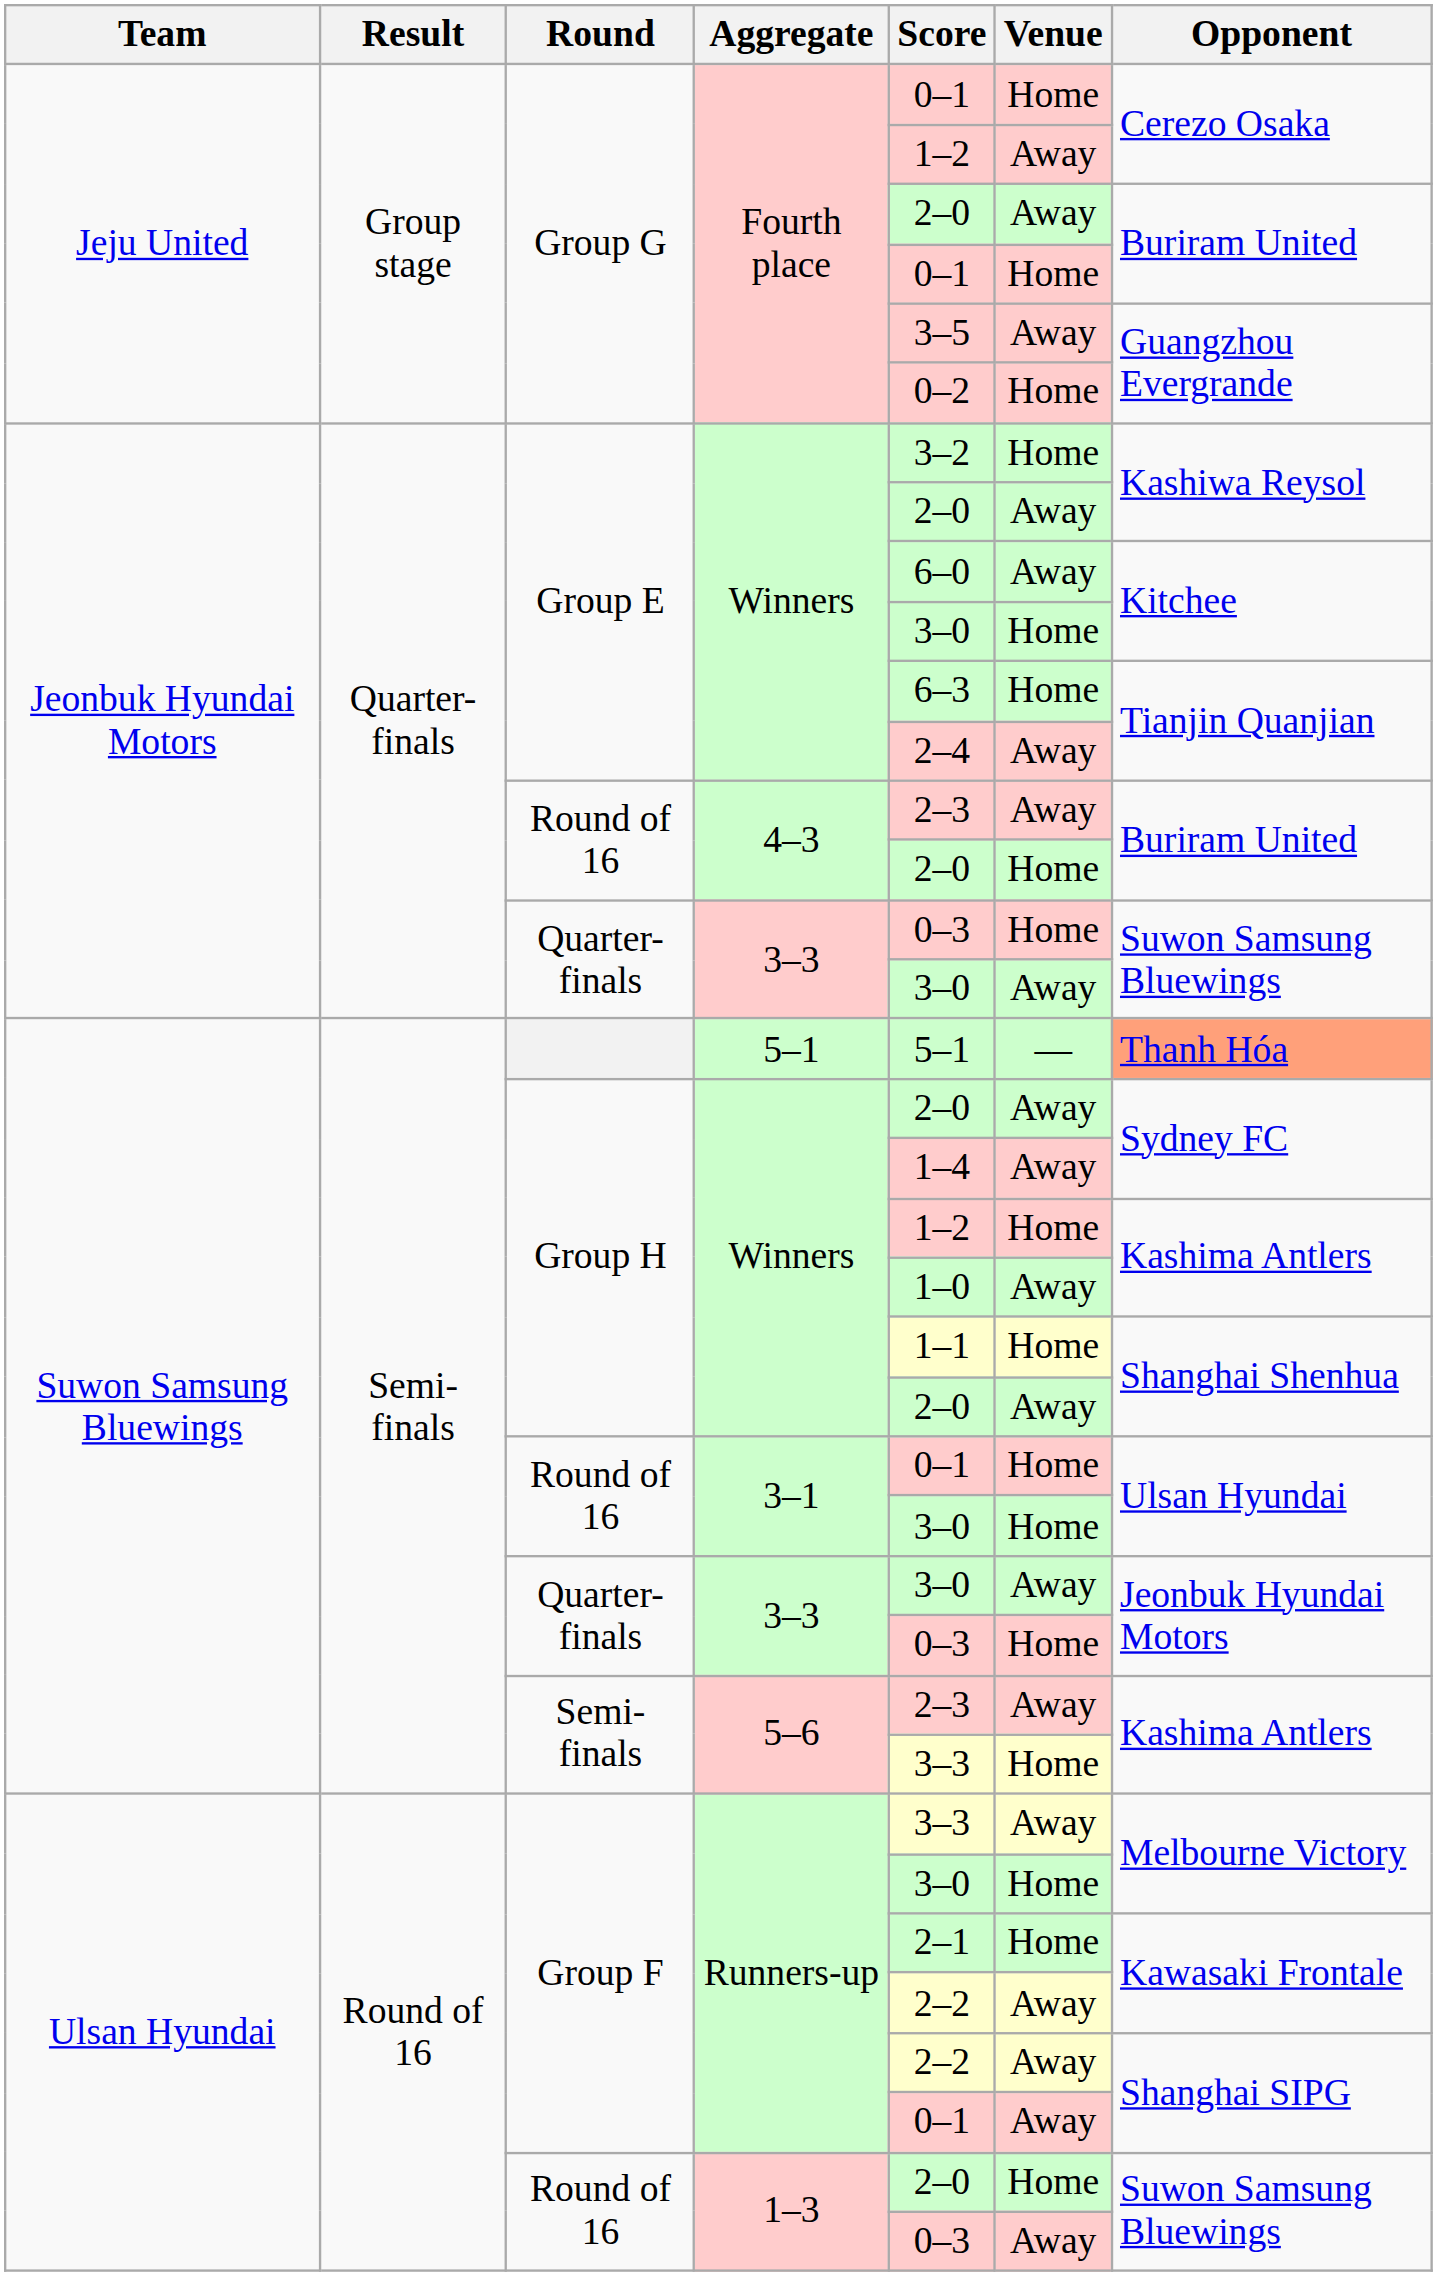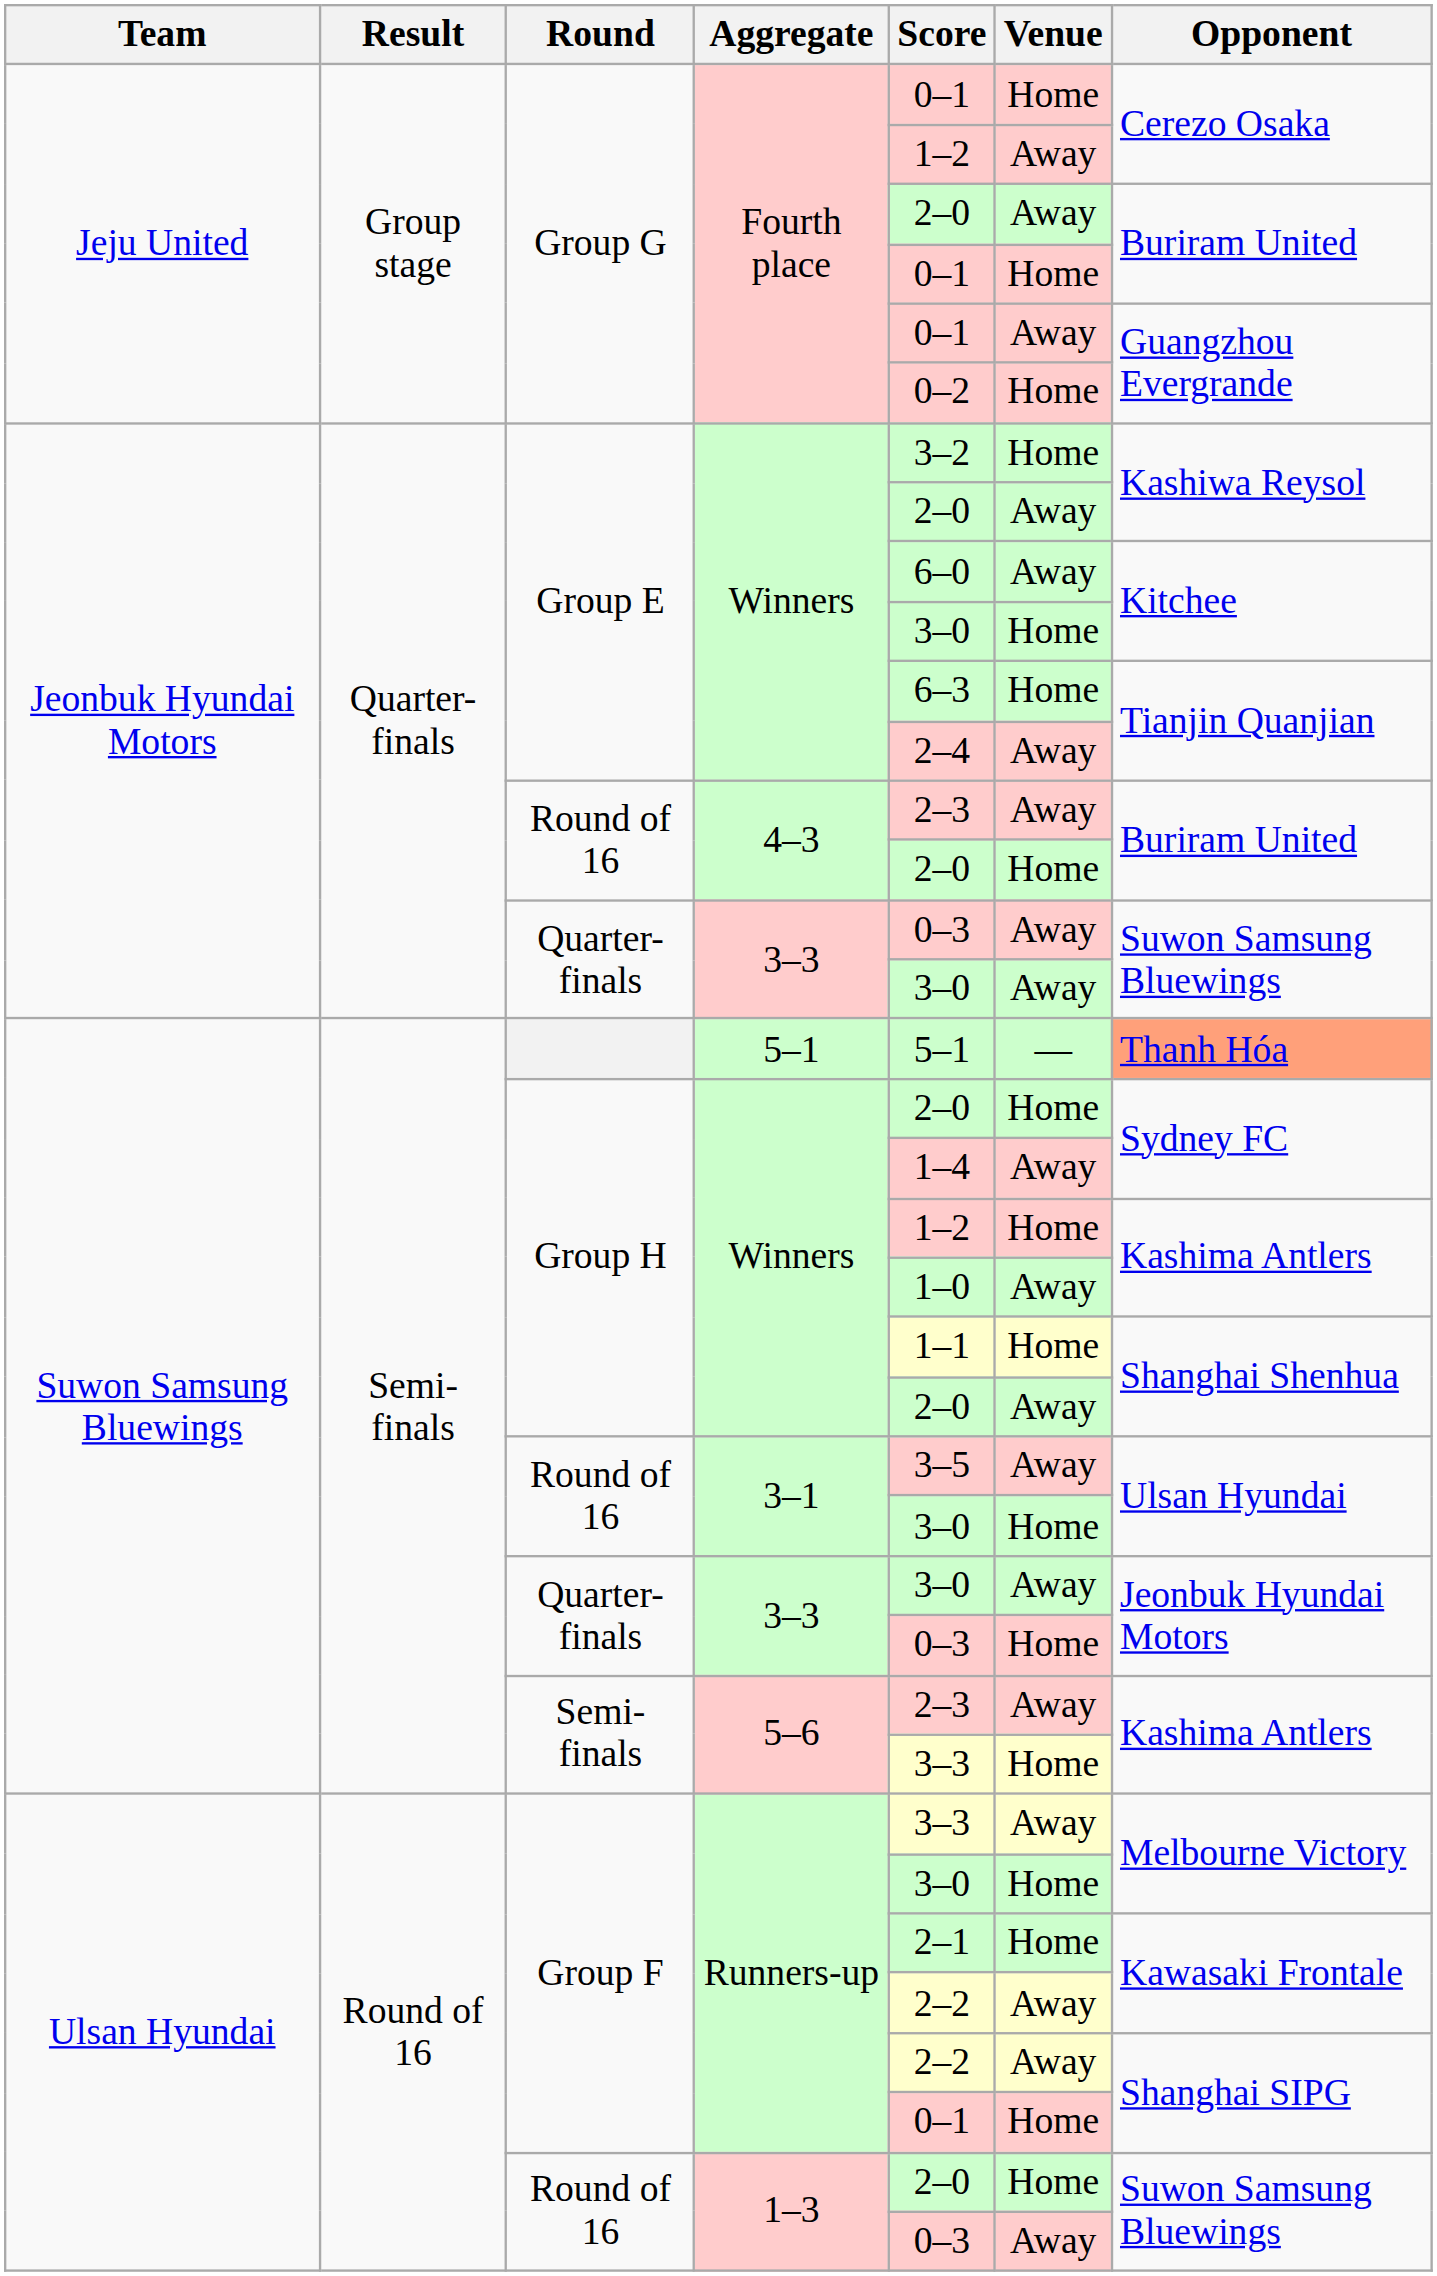 <table class="wikitable" style="text-align:center;">
 <tr>
 <th>Team</th>
 <th>Result</th>
 <th>Round</th>
 <th>Aggregate</th>
 <th>Score</th>
 <th>Venue</th>
 <th>Opponent</th>
 </tr>
 <tr>
 <td rowspan="6"><a href='#'>Jeju United</a></td>
 <td rowspan="6">Group stage</td>
 <td rowspan="6">Group G</td>
 <td rowspan="6" bgcolor="#fcc">Fourth place</td>
 <td bgcolor="#fcc">0–1</td>
 <td bgcolor="#fcc">Home</td>
 <td rowspan="2" align="left"> <a href='#'>Cerezo Osaka</a></td>
 </tr>
 <tr>
 <td bgcolor="#fcc">1–2</td>
 <td bgcolor="#fcc">Away</td>
 </tr>
 <tr>
 <td bgcolor="#cfc">2–0</td>
 <td bgcolor="#cfc">Away</td>
 <td rowspan="2" align="left"> <a href='#'>Buriram United</a></td>
 </tr>
 <tr>
 <td bgcolor="#fcc">0–1</td>
 <td bgcolor="#fcc">Home</td>
 </tr>
 <tr>
-<td bgcolor="#fcc">3–5</td>
+<td bgcolor="#fcc">0–1</td>
 <td bgcolor="#fcc">Away</td>
 <td rowspan="2" align="left"> <a href='#'>Guangzhou Evergrande</a></td>
 </tr>
 <tr>
 <td bgcolor="#fcc">0–2</td>
 <td bgcolor="#fcc">Home</td>
 </tr>
 <tr>
 <td rowspan="10"><a href='#'>Jeonbuk Hyundai Motors</a></td>
 <td rowspan="10">Quarter-finals</td>
 <td rowspan="6">Group E</td>
 <td rowspan="6" bgcolor="#cfc">Winners</td>
 <td bgcolor="#cfc">3–2</td>
 <td bgcolor="#cfc">Home</td>
 <td rowspan="2" align="left"> <a href='#'>Kashiwa Reysol</a></td>
 </tr>
 <tr>
 <td bgcolor="#cfc">2–0</td>
 <td bgcolor="#cfc">Away</td>
 </tr>
 <tr>
 <td bgcolor="#cfc">6–0</td>
 <td bgcolor="#cfc">Away</td>
 <td rowspan="2" align="left"> <a href='#'>Kitchee</a></td>
 </tr>
 <tr>
 <td bgcolor="#cfc">3–0</td>
 <td bgcolor="#cfc">Home</td>
 </tr>
 <tr>
 <td bgcolor="#cfc">6–3</td>
 <td bgcolor="#cfc">Home</td>
 <td rowspan="2" align="left"> <a href='#'>Tianjin Quanjian</a></td>
 </tr>
 <tr>
 <td bgcolor="#fcc">2–4</td>
 <td bgcolor="#fcc">Away</td>
 </tr>
 <tr>
 <td rowspan="2">Round of 16</td>
 <td rowspan="2" bgcolor="#cfc">4–3</td>
 <td bgcolor="#fcc">2–3</td>
 <td bgcolor="#fcc">Away</td>
 <td rowspan="2" align="left"> <a href='#'>Buriram United</a></td>
 </tr>
 <tr>
 <td bgcolor="#cfc">2–0</td>
 <td bgcolor="#cfc">Home</td>
 </tr>
 <tr>
 <td rowspan="2">Quarter-finals</td>
 <td rowspan="2" bgcolor="#fcc">3–3 </td>
 <td bgcolor="#fcc">0–3</td>
-<td bgcolor="#fcc">Home</td>
+<td bgcolor="#fcc">Away</td>
 <td rowspan="2" align="left"> <a href='#'>Suwon Samsung Bluewings</a></td>
 </tr>
 <tr>
 <td bgcolor="#cfc">3–0 </td>
 <td bgcolor="#cfc">Away</td>
 </tr>
 <tr>
 <td rowspan="13"><a href='#'>Suwon Samsung Bluewings</a></td>
 <td rowspan="13">Semi-finals</td>
 <th></th>
 <td bgcolor="#cfc">5–1</td>
 <td bgcolor="#cfc">5–1</td>
 <td bgcolor="#cfc">—</td>
 <td align="left" style="background: lightsalmon;"> <a href='#'>Thanh Hóa</a></td>
 </tr>
 <tr>
 <td rowspan="6">Group H</td>
 <td rowspan="6" bgcolor="#cfc">Winners</td>
 <td bgcolor="#cfc">2–0</td>
-<td bgcolor="#cfc">Away</td>
+<td bgcolor="#cfc">Home</td>
 <td rowspan="2" align="left"> <a href='#'>Sydney FC</a></td>
 </tr>
 <tr>
 <td bgcolor="#fcc">1–4</td>
 <td bgcolor="#fcc">Away</td>
 </tr>
 <tr>
 <td bgcolor="#fcc">1–2</td>
 <td bgcolor="#fcc">Home</td>
 <td rowspan="2" align="left"> <a href='#'>Kashima Antlers</a></td>
 </tr>
 <tr>
 <td bgcolor="#cfc">1–0</td>
 <td bgcolor="#cfc">Away</td>
 </tr>
 <tr>
 <td bgcolor="#ffc">1–1</td>
 <td bgcolor="#ffc">Home</td>
 <td rowspan="2" align="left"> <a href='#'>Shanghai Shenhua</a></td>
 </tr>
 <tr>
 <td bgcolor="#cfc">2–0</td>
 <td bgcolor="#cfc">Away</td>
 </tr>
 <tr>
 <td rowspan="2">Round of 16</td>
 <td rowspan="2" bgcolor="#cfc">3–1</td>
-<td bgcolor="#fcc">0–1</td>
-<td bgcolor="#fcc">Home</td>
+<td bgcolor="#fcc">3–5</td>
+<td bgcolor="#fcc">Away</td>
 <td rowspan="2" align="left"> <a href='#'>Ulsan Hyundai</a></td>
 </tr>
 <tr>
 <td bgcolor="#cfc">3–0</td>
 <td bgcolor="#cfc">Home</td>
 </tr>
 <tr>
 <td rowspan="2">Quarter-finals</td>
 <td rowspan="2" bgcolor="#cfc">3–3 </td>
 <td bgcolor="#cfc">3–0</td>
 <td bgcolor="#cfc">Away</td>
 <td rowspan="2" align="left"> <a href='#'>Jeonbuk Hyundai Motors</a></td>
 </tr>
 <tr>
 <td bgcolor="#fcc">0–3 </td>
 <td bgcolor="#fcc">Home</td>
 </tr>
 <tr>
 <td rowspan="2">Semi-finals</td>
 <td rowspan="2" bgcolor="#fcc">5–6</td>
 <td bgcolor="#fcc">2–3</td>
 <td bgcolor="#fcc">Away</td>
 <td rowspan="2" align="left"> <a href='#'>Kashima Antlers</a></td>
 </tr>
 <tr>
 <td bgcolor="#ffc">3–3</td>
 <td bgcolor="#ffc">Home</td>
 </tr>
 <tr>
 <td rowspan="8"><a href='#'>Ulsan Hyundai</a></td>
 <td rowspan="8">Round of 16</td>
 <td rowspan="6">Group F</td>
 <td rowspan="6" bgcolor="#cfc">Runners-up</td>
 <td bgcolor="#ffc">3–3</td>
 <td bgcolor="#ffc">Away</td>
 <td rowspan="2" align="left"> <a href='#'>Melbourne Victory</a></td>
 </tr>
 <tr>
 <td bgcolor="#cfc">3–0</td>
 <td bgcolor="#cfc">Home</td>
 </tr>
 <tr>
 <td bgcolor="#cfc">2–1</td>
 <td bgcolor="#cfc">Home</td>
 <td rowspan="2" align="left"> <a href='#'>Kawasaki Frontale</a></td>
 </tr>
 <tr>
 <td bgcolor="#ffc">2–2</td>
 <td bgcolor="#ffc">Away</td>
 </tr>
 <tr>
 <td bgcolor="#ffc">2–2</td>
 <td bgcolor="#ffc">Away</td>
 <td rowspan="2" align="left"> <a href='#'>Shanghai SIPG</a></td>
 </tr>
 <tr>
 <td bgcolor="#fcc">0–1</td>
-<td bgcolor="#fcc">Away</td>
+<td bgcolor="#fcc">Home</td>
 </tr>
 <tr>
 <td rowspan="2">Round of 16</td>
 <td rowspan="2" bgcolor="#fcc">1–3</td>
 <td bgcolor="#cfc">2–0</td>
 <td bgcolor="#cfc">Home</td>
 <td rowspan="2" align="left"> <a href='#'>Suwon Samsung Bluewings</a></td>
 </tr>
 <tr>
 <td bgcolor="#fcc">0–3</td>
 <td bgcolor="#fcc">Away</td>
 </tr>
 </table>
